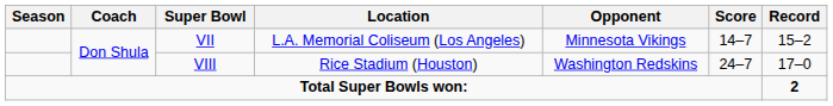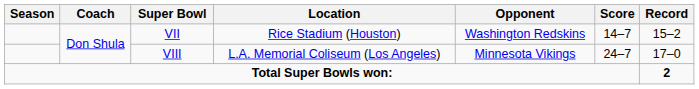 <table class="wikitable" style="width:70%;text-align:center">
 <tr>
 <th>Season</th>
 <th>Coach</th>
 <th>Super Bowl</th>
 <th>Location</th>
 <th>Opponent</th>
 <th>Score</th>
 <th>Record</th>
 </tr>
 <tr>
 <td></td>
 <td rowspan="2"><a href='#'>Don Shula</a></td>
 <td><a href='#'>VII</a></td>
-<td><a href='#'>L.A. Memorial Coliseum</a> (<a href='#'>Los Angeles</a>)</td>
-<td><a href='#'>Minnesota Vikings</a></td>
+<td><a href='#'>Rice Stadium</a> (<a href='#'>Houston</a>)</td>
+<td><a href='#'>Washington Redskins</a></td>
 <td>14–7</td>
 <td>15–2</td>
 </tr>
 <tr>
 <td></td>
 <td><a href='#'>VIII</a></td>
-<td><a href='#'>Rice Stadium</a> (<a href='#'>Houston</a>)</td>
-<td><a href='#'>Washington Redskins</a></td>
+<td><a href='#'>L.A. Memorial Coliseum</a> (<a href='#'>Los Angeles</a>)</td>
+<td><a href='#'>Minnesota Vikings</a></td>
 <td>24–7</td>
 <td>17–0</td>
 </tr>
 <tr>
 <td colspan="6"><strong>Total Super Bowls won:</strong></td>
 <td><strong>2</strong></td>
 </tr>
 </table>
